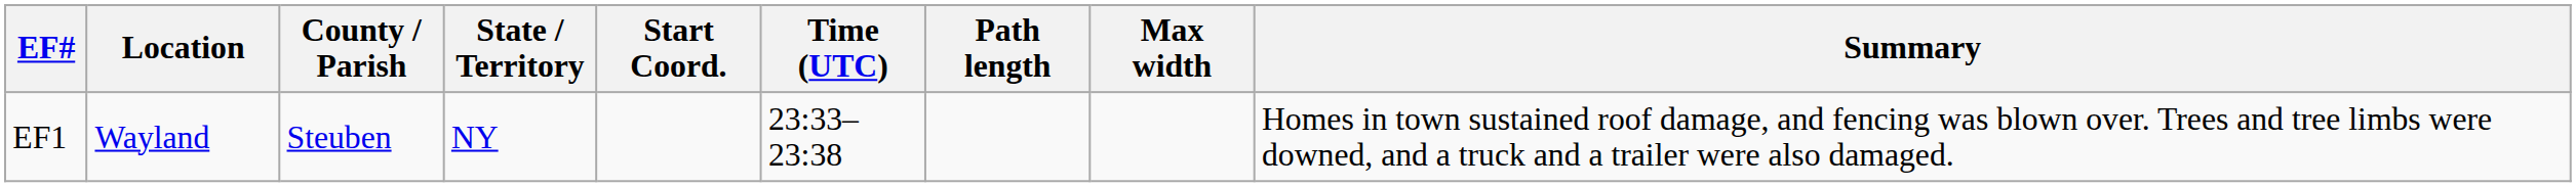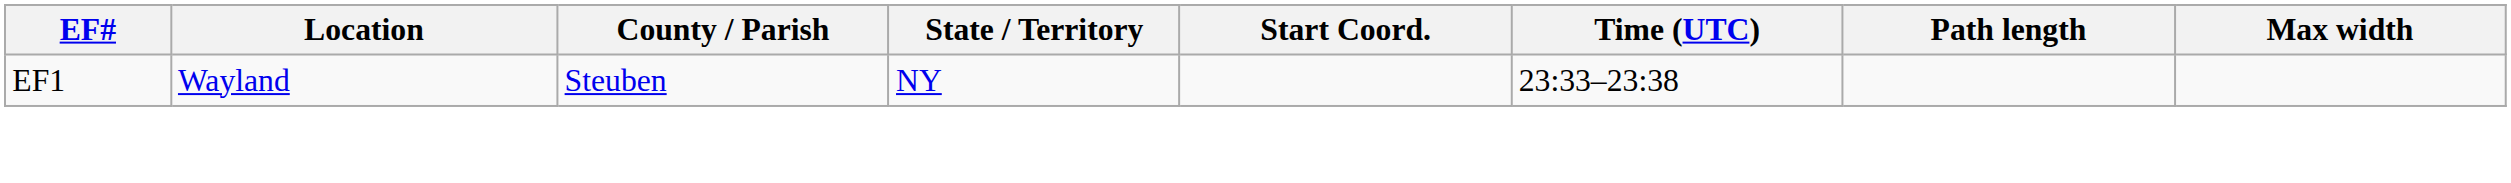 <table class="wikitable sortable" style="width:100%;">
 <tr>
 <th scope="col"  style="width:3%; text-align:center;"><a href='#'>EF#</a></th>
 <th scope="col"  style="width:7%; text-align:center;" class="unsortable">Location</th>
 <th scope="col"  style="width:6%; text-align:center;" class="unsortable">County / Parish</th>
 <th scope="col"  style="width:5%; text-align:center;">State / Territory</th>
 <th scope="col"  style="width:6%; text-align:center;">Start Coord.</th>
 <th scope="col"  style="width:6%; text-align:center;">Time (<a href='#'>UTC</a>)</th>
 <th scope="col"  style="width:6%; text-align:center;">Path length</th>
 <th scope="col"  style="width:6%; text-align:center;">Max width</th>
-<th scope="col" class="unsortable" style="width:48%; text-align:center;">Summary</th>
 </tr>
 <tr>
 <td>EF1</td>
 <td><a href='#'>Wayland</a></td>
 <td><a href='#'>Steuben</a></td>
 <td><a href='#'>NY</a></td>
 <td></td>
 <td>23:33–23:38</td>
 <td></td>
 <td></td>
-<td>Homes in town sustained roof damage, and fencing was blown over. Trees and tree limbs were downed, and a truck and a trailer were also damaged.</td>
 </tr>
 </table>
